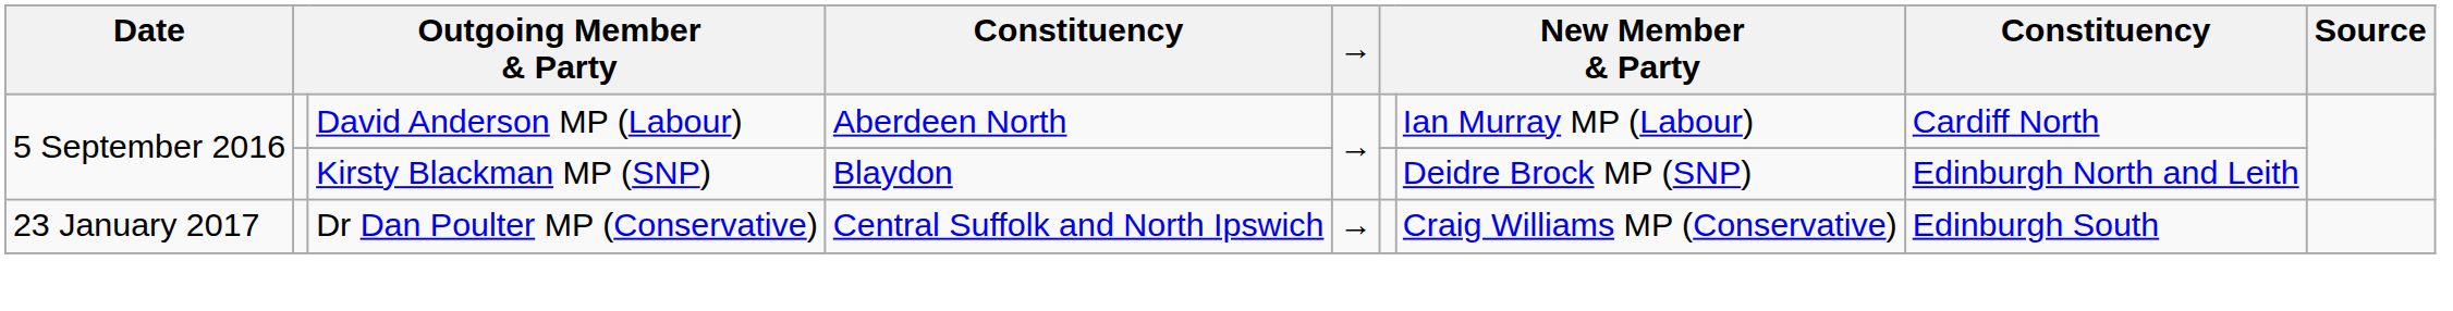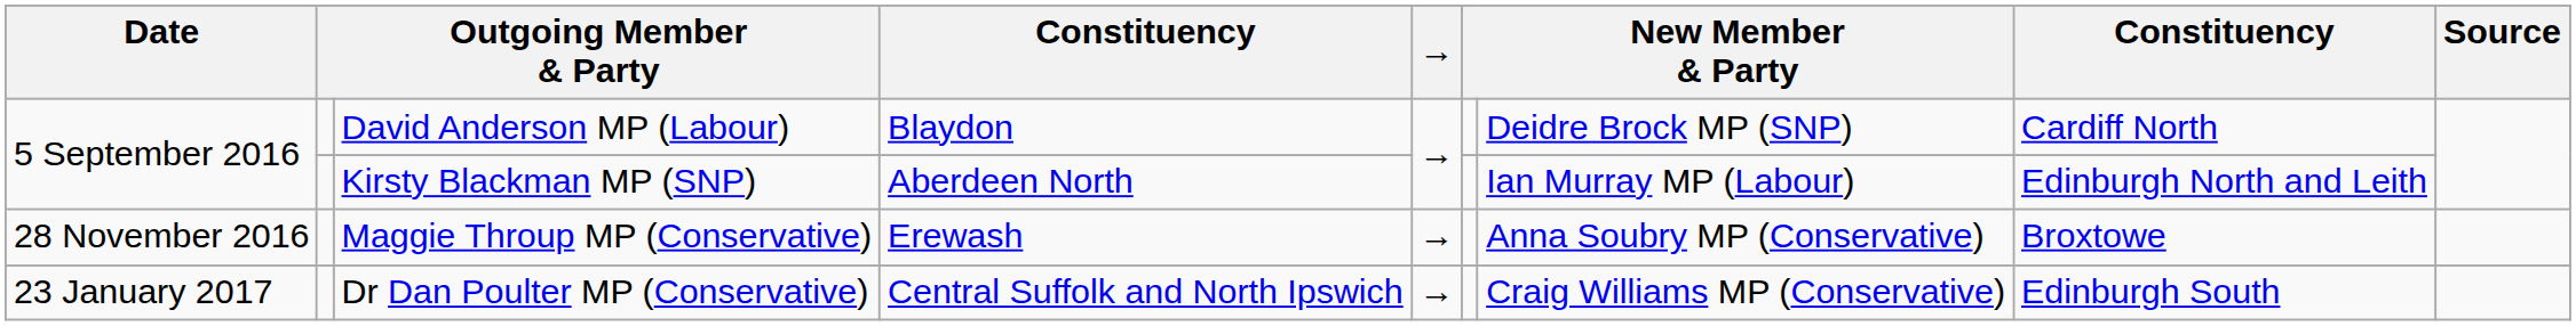 <table class="wikitable">
 <tr>
 <th valign="top">Date</th>
 <th colspan="2" valign="top">Outgoing Member<br>& Party</th>
 <th valign="top">Constituency</th>
 <th>→</th>
 <th colspan="2" valign="top">New Member<br>& Party</th>
 <th valign="top">Constituency</th>
 <th valign="top">Source</th>
 </tr>
 <tr>
 <td rowspan=2>5 September 2016</td>
 <td style="color:inherit;background:"></td>
 <td><a href='#'>David Anderson</a> MP (<a href='#'>Labour</a>)</td>
-<td><a href='#'>Aberdeen North</a></td>
+<td><a href='#'>Blaydon</a></td>
 <td rowspan=2>→</td>
 <td style="color:inherit;background:"></td>
-<td><a href='#'>Ian Murray</a> MP (<a href='#'>Labour</a>)</td>
+<td><a href='#'>Deidre Brock</a> MP (<a href='#'>SNP</a>)</td>
 <td><a href='#'>Cardiff North</a></td>
 <td rowspan=2></td>
 </tr>
 <tr>
 <td style="color:inherit;background:"></td>
 <td><a href='#'>Kirsty Blackman</a> MP (<a href='#'>SNP</a>)</td>
-<td><a href='#'>Blaydon</a></td>
+<td><a href='#'>Aberdeen North</a></td>
 <td style="color:inherit;background:"></td>
-<td><a href='#'>Deidre Brock</a> MP (<a href='#'>SNP</a>)</td>
+<td><a href='#'>Ian Murray</a> MP (<a href='#'>Labour</a>)</td>
 <td><a href='#'>Edinburgh North and Leith</a></td>
+</tr>
+<tr>
+<td>28 November 2016</td>
+<td style="color:inherit;background:"></td>
+<td><a href='#'>Maggie Throup</a> MP (<a href='#'>Conservative</a>)</td>
+<td><a href='#'>Erewash</a></td>
+<td>→</td>
+<td style="color:inherit;background:"></td>
+<td><a href='#'>Anna Soubry</a> MP (<a href='#'>Conservative</a>)</td>
+<td><a href='#'>Broxtowe</a></td>
+<td></td>
 </tr>
 <tr>
 <td>23 January 2017</td>
 <td style="color:inherit;background:"></td>
 <td>Dr <a href='#'>Dan Poulter</a> MP (<a href='#'>Conservative</a>)</td>
 <td><a href='#'>Central Suffolk and North Ipswich</a></td>
 <td>→</td>
 <td style="color:inherit;background:"></td>
 <td><a href='#'>Craig Williams</a> MP (<a href='#'>Conservative</a>)</td>
 <td><a href='#'>Edinburgh South</a></td>
 <td></td>
 </tr>
 </table>
